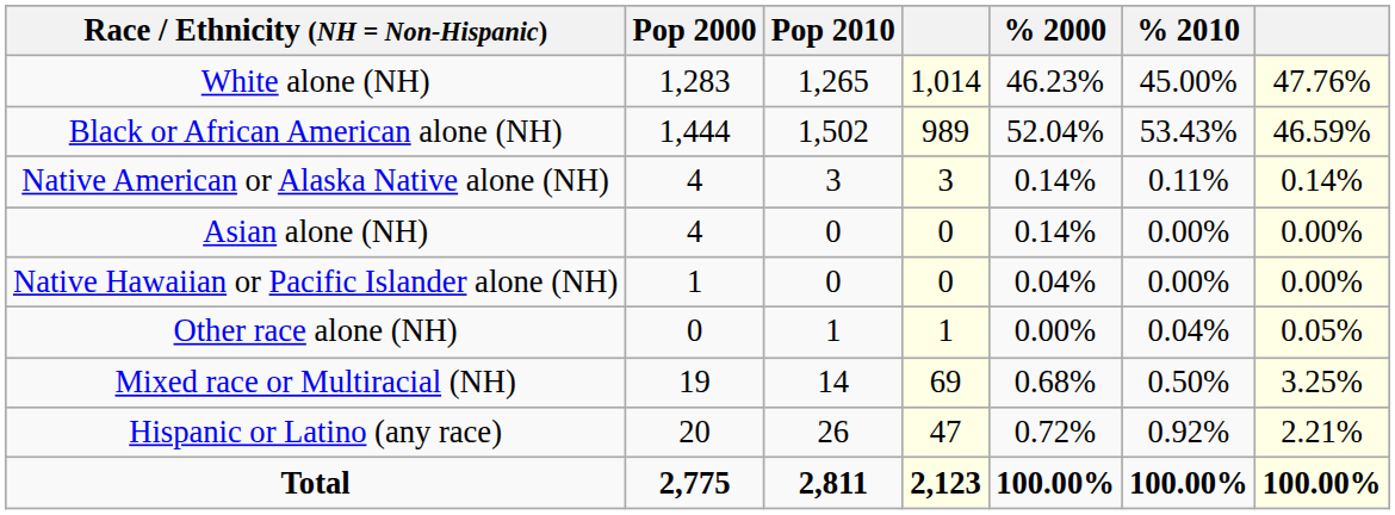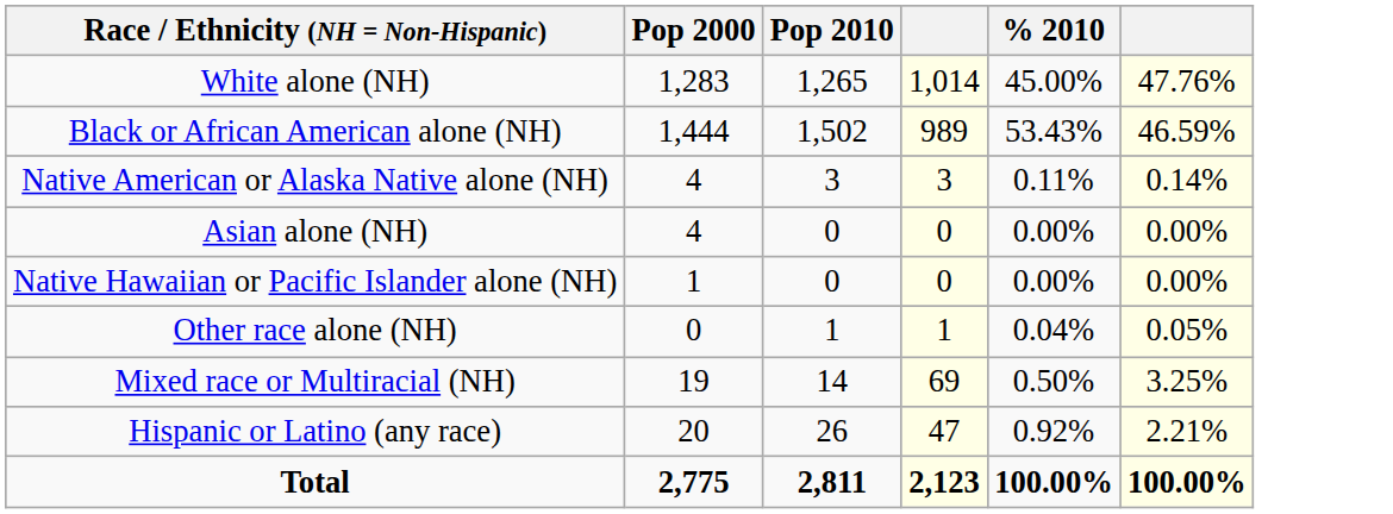 <table class="wikitable" style="text-align:center;">
 <tr>
 <th>Race / Ethnicity <small>(<em>NH = Non-Hispanic</em>)</small></th>
 <th>Pop 2000</th>
 <th>Pop 2010</th>
 <th></th>
-<th>% 2000</th>
 <th>% 2010</th>
 <th></th>
 </tr>
 <tr>
 <td><a href='#'>White</a> alone (NH)</td>
 <td>1,283</td>
 <td>1,265</td>
 <td style='background: #ffffe6;'>1,014</td>
-<td>46.23%</td>
 <td>45.00%</td>
 <td style='background: #ffffe6;'>47.76%</td>
 </tr>
 <tr>
 <td><a href='#'>Black or African American</a> alone (NH)</td>
 <td>1,444</td>
 <td>1,502</td>
 <td style='background: #ffffe6;'>989</td>
-<td>52.04%</td>
 <td>53.43%</td>
 <td style='background: #ffffe6;'>46.59%</td>
 </tr>
 <tr>
 <td><a href='#'>Native American</a> or <a href='#'>Alaska Native</a> alone (NH)</td>
 <td>4</td>
 <td>3</td>
 <td style='background: #ffffe6;'>3</td>
-<td>0.14%</td>
 <td>0.11%</td>
 <td style='background: #ffffe6;'>0.14%</td>
 </tr>
 <tr>
 <td><a href='#'>Asian</a> alone (NH)</td>
 <td>4</td>
 <td>0</td>
 <td style='background: #ffffe6;'>0</td>
-<td>0.14%</td>
 <td>0.00%</td>
 <td style='background: #ffffe6;'>0.00%</td>
 </tr>
 <tr>
 <td><a href='#'>Native Hawaiian</a> or <a href='#'>Pacific Islander</a> alone (NH)</td>
 <td>1</td>
 <td>0</td>
 <td style='background: #ffffe6;'>0</td>
-<td>0.04%</td>
 <td>0.00%</td>
 <td style='background: #ffffe6;'>0.00%</td>
 </tr>
 <tr>
 <td><a href='#'>Other race</a> alone (NH)</td>
 <td>0</td>
 <td>1</td>
 <td style='background: #ffffe6;'>1</td>
-<td>0.00%</td>
 <td>0.04%</td>
 <td style='background: #ffffe6;'>0.05%</td>
 </tr>
 <tr>
 <td><a href='#'>Mixed race or Multiracial</a> (NH)</td>
 <td>19</td>
 <td>14</td>
 <td style='background: #ffffe6;'>69</td>
-<td>0.68%</td>
 <td>0.50%</td>
 <td style='background: #ffffe6;'>3.25%</td>
 </tr>
 <tr>
 <td><a href='#'>Hispanic or Latino</a> (any race)</td>
 <td>20</td>
 <td>26</td>
 <td style='background: #ffffe6;'>47</td>
-<td>0.72%</td>
 <td>0.92%</td>
 <td style='background: #ffffe6;'>2.21%</td>
 </tr>
 <tr>
 <td><strong>Total</strong></td>
 <td><strong>2,775</strong></td>
 <td><strong>2,811</strong></td>
 <td style='background: #ffffe6;'><strong>2,123</strong></td>
 <td><strong>100.00%</strong></td>
-<td><strong>100.00%</strong></td>
 <td style='background: #ffffe6;'><strong>100.00%</strong></td>
 </tr>
 </table>
